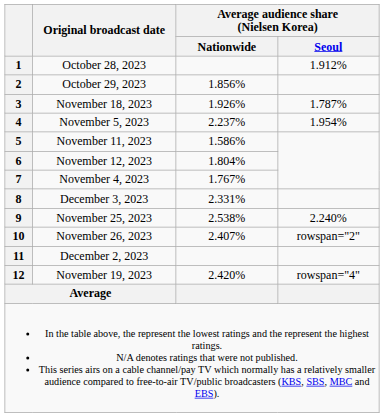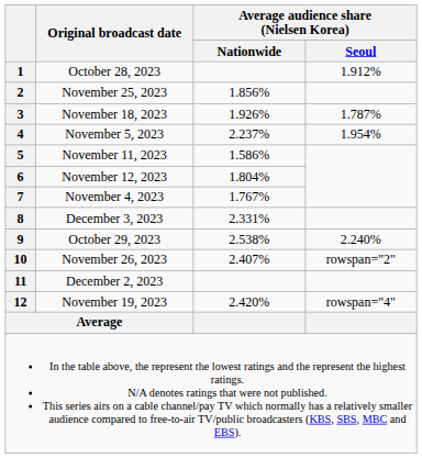 <table class="wikitable" style="margin-left:auto; margin-right:auto; width:500px; text-align:center">
 <tr>
 <th scope="col" rowspan="2"></th>
 <th scope="col" rowspan="2">Original broadcast date</th>
 <th colspan="2" scope="col">Average audience share<br>(Nielsen Korea)</th>
 </tr>
 <tr>
 <th scope="col" style="width:8em">Nationwide</th>
 <th scope="col" style="width:8em"><a href='#'>Seoul</a></th>
 </tr>
 <tr>
 <th scope="row">1</th>
 <td>October 28, 2023</td>
 <td><strong></strong> </td>
 <td>1.912% </td>
 </tr>
 <tr>
 <th scope="row">2</th>
-<td>October 29, 2023</td>
+<td>November 25, 2023</td>
 <td>1.856% </td>
 </tr>
 <tr>
 <th scope="row">3</th>
 <td>November 18, 2023</td>
 <td>1.926% </td>
 <td>1.787% </td>
 </tr>
 <tr>
 <th scope="row">4</th>
 <td>November 5, 2023</td>
 <td>2.237% </td>
 <td>1.954% </td>
 </tr>
 <tr>
 <th scope="row">5</th>
 <td>November 11, 2023</td>
 <td>1.586% </td>
 </tr>
 <tr>
 <th scope="row">6</th>
 <td>November 12, 2023</td>
 <td>1.804% </td>
 </tr>
 <tr>
 <th scope="row">7</th>
 <td>November 4, 2023</td>
 <td>1.767% </td>
 </tr>
 <tr>
 <th scope="row">8</th>
 <td>December 3, 2023</td>
 <td>2.331% </td>
 <td><strong></strong> </td>
 </tr>
 <tr>
 <th scope="row">9</th>
-<td>November 25, 2023</td>
+<td>October 29, 2023</td>
 <td>2.538% </td>
 <td>2.240% </td>
 </tr>
 <tr>
 <th scope="row">10</th>
 <td>November 26, 2023</td>
 <td>2.407% </td>
 <td>rowspan="2" </td>
 </tr>
 <tr>
 <th scope="row">11</th>
 <td>December 2, 2023</td>
 <td><strong></strong> </td>
 <td><strong></strong> </td>
 </tr>
 <tr>
 <th scope="row">12</th>
 <td>November 19, 2023</td>
 <td>2.420% </td>
 <td>rowspan="4" </td>
 </tr>
 <tr>
 <th colspan="2" scope="row">Average</th>
 <th></th>
 <th></th>
 </tr>
 <tr>
 <td colspan="4" style="font-size:85%"><br><ul><li>In the table above, the <strong></strong> represent the lowest ratings and the <strong></strong> represent the highest ratings.</li><li>N/A denotes ratings that were not published.</li><li>This series airs on a cable channel/pay TV which normally has a relatively smaller audience compared to free-to-air TV/public broadcasters (<a href='#'>KBS</a>, <a href='#'>SBS</a>, <a href='#'>MBC</a> and <a href='#'>EBS</a>).</li></ul></td>
 </tr>
 </table>
